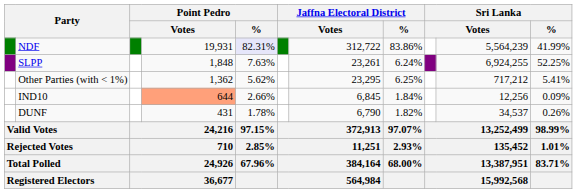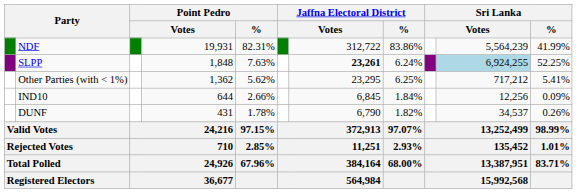 <table class="wikitable">
 <tr>
 <th colspan="2" width="144px"rowspan="2">Party</th>
 <th colspan="3" width="216px">Point Pedro</th>
 <th colspan="3" width="216px"><a href='#'>Jaffna Electoral District</a></th>
 <th colspan="3" width="216px">Sri Lanka</th>
 </tr>
 <tr>
 <th colspan="2" width="144px">Votes</th>
 <th>%</th>
 <th colspan="2" width="144px">Votes</th>
 <th>%</th>
 <th colspan="2" width="144px">Votes</th>
 <th>%</th>
 </tr>
 <tr>
 <td style="background-color:green;" width="10px"></td>
 <td style="text-align:left;"><a href='#'>NDF</a></td>
 <td style="background-color:green;" width="10px"></td>
 <td style="text-align:right;">19,931</td>
-<td style="background: lavender; text-align:right;">82.31%</td>
+<td style="text-align:right;">82.31%</td>
 <td style="background-color:green;" width="10px"></td>
 <td style="text-align:right;">312,722</td>
 <td style="text-align:right;">83.86%</td>
 <td style="background-color:white;" width="10px"></td>
 <td style="text-align:right;">5,564,239</td>
 <td style="text-align:right;">41.99%</td>
 </tr>
 <tr>
 <td style="background-color:purple;" width="10px"></td>
 <td style="text-align:left;"><a href='#'>SLPP</a></td>
 <td style="background-color:white;" width="10px"></td>
 <td style="text-align:right;">1,848</td>
 <td style="text-align:right;">7.63%</td>
 <td style="background-color:white;" width="10px"></td>
-<td style="text-align:right;">23,261</td>
+<td style="text-align:right;"><strong>23,261</strong></td>
 <td style="text-align:right;">6.24%</td>
 <td style="background-color:purple;" width="10px"></td>
-<td style="text-align:right;">6,924,255</td>
+<td style="background: lightblue; text-align:right;">6,924,255</td>
 <td style="text-align:right;">52.25%</td>
 </tr>
 <tr>
 <td style="background-color:white;" width="10px"></td>
 <td style="text-align:left;">Other Parties (with < 1%)</td>
 <td style="background-color:white;" width="10px"></td>
 <td style="text-align:right;">1,362</td>
 <td style="text-align:right;">5.62%</td>
 <td style="background-color:white;" width="10px"></td>
 <td style="text-align:right;">23,295</td>
 <td style="text-align:right;">6.25%</td>
 <td style="background-color:white;" width="10px"></td>
 <td style="text-align:right;">717,212</td>
 <td style="text-align:right;">5.41%</td>
 </tr>
 <tr>
 <td style="background-color:white;" width="10px"></td>
 <td style="text-align:left;">IND10</td>
 <td style="background-color:white;" width="10px"></td>
-<td style="background: lightsalmon; text-align:right;">644</td>
+<td style="text-align:right;">644</td>
 <td style="text-align:right;">2.66%</td>
 <td style="background-color:white;" width="10px"></td>
 <td style="text-align:right;">6,845</td>
 <td style="text-align:right;">1.84%</td>
 <td style="background-color:white;" width="10px"></td>
 <td style="text-align:right;">12,256</td>
 <td style="text-align:right;">0.09%</td>
 </tr>
 <tr>
 <td style="background-color:white;" width="10px"></td>
 <td style="text-align:left;">DUNF</td>
 <td style="background-color:white;" width="10px"></td>
 <td style="text-align:right;">431</td>
 <td style="text-align:right;">1.78%</td>
 <td style="background-color:white;" width="10px"></td>
 <td style="text-align:right;">6,790</td>
 <td style="text-align:right;">1.82%</td>
 <td style="background-color:white;" width="10px"></td>
 <td style="text-align:right;">34,537</td>
 <td style="text-align:right;">0.26%</td>
 </tr>
 <tr>
 <th colspan="2" width="144px"style="text-align:left;">Valid Votes</th>
 <th style="text-align:right;"colspan="2" width="144px">24,216</th>
 <th style="text-align:right;">97.15%</th>
 <th style="text-align:right;"colspan="2" width="144px">372,913</th>
 <th style="text-align:right;">97.07%</th>
 <th style="text-align:right;"colspan="2" width="144px">13,252,499</th>
 <th style="text-align:right;">98.99%</th>
 </tr>
 <tr>
 <th colspan="2" width="144px"style="text-align:left;">Rejected Votes</th>
 <th style="text-align:right;"colspan="2" width="144px">710</th>
 <th style="text-align:right;">2.85%</th>
 <th style="text-align:right;"colspan="2" width="144px">11,251</th>
 <th style="text-align:right;">2.93%</th>
 <th style="text-align:right;"colspan="2" width="144px">135,452</th>
 <th style="text-align:right;">1.01%</th>
 </tr>
 <tr>
 <th colspan="2" width="144px"style="text-align:left;">Total Polled</th>
 <th style="text-align:right;"colspan="2" width="144px">24,926</th>
 <th style="text-align:right;">67.96%</th>
 <th style="text-align:right;"colspan="2" width="144px">384,164</th>
 <th style="text-align:right;">68.00%</th>
 <th style="text-align:right;"colspan="2" width="144px">13,387,951</th>
 <th style="text-align:right;">83.71%</th>
 </tr>
 <tr>
 <th colspan="2" width="144px"style="text-align:left;">Registered Electors</th>
 <th style="text-align:right;"colspan="2" width="144px">36,677</th>
 <th></th>
 <th style="text-align:right;"colspan="2" width="144px">564,984</th>
 <th></th>
 <th style="text-align:right;"colspan="2" width="144px">15,992,568</th>
 <th></th>
 </tr>
 </table>
